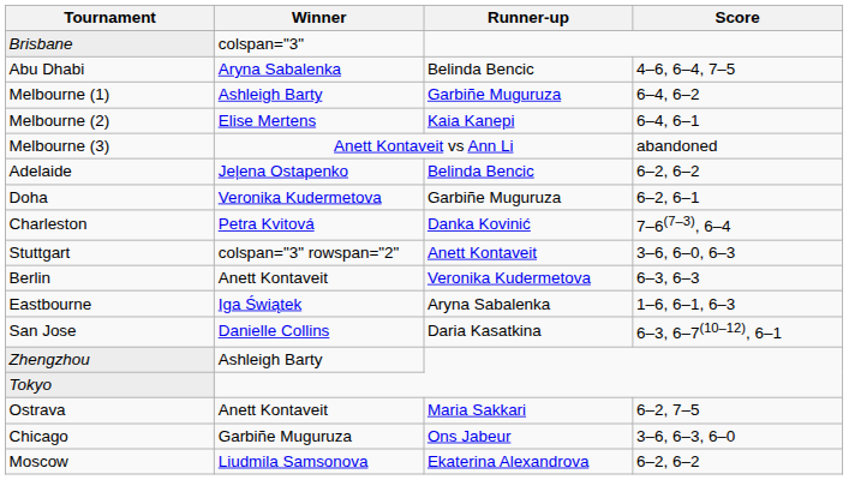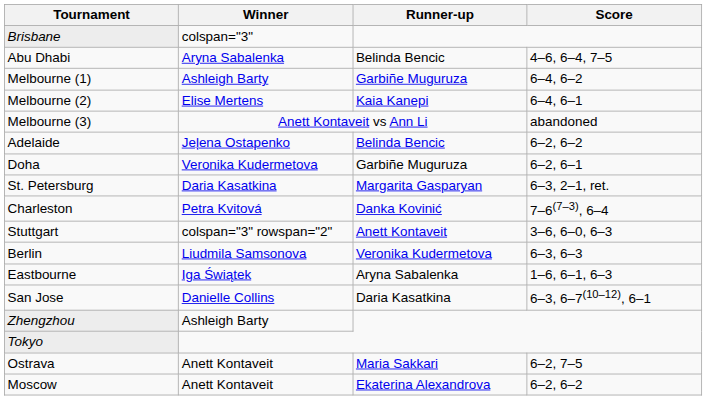 <table class="wikitable nowrap">
 <tr>
 <th width="200">Tournament</th>
 <th width="200">Winner</th>
 <th width="200">Runner-up</th>
 <th width="200">Score</th>
 </tr>
 <tr>
 <td bgcolor=ededed><em>Brisbane</em></td>
 <td>colspan="3" </td>
 </tr>
 <tr>
 <td>Abu Dhabi</td>
 <td> <a href='#'>Aryna Sabalenka</a></td>
 <td> Belinda Bencic</td>
 <td>4–6, 6–4, 7–5</td>
 </tr>
 <tr>
 <td>Melbourne (1)</td>
 <td> <a href='#'>Ashleigh Barty</a></td>
 <td> <a href='#'>Garbiñe Muguruza</a></td>
 <td>6–4, 6–2</td>
 </tr>
 <tr>
 <td>Melbourne (2)</td>
 <td> <a href='#'>Elise Mertens</a></td>
 <td> <a href='#'>Kaia Kanepi</a></td>
 <td>6–4, 6–1</td>
 </tr>
 <tr>
 <td>Melbourne (3)</td>
 <td colspan="2" align="center"> <a href='#'>Anett Kontaveit</a> vs  <a href='#'>Ann Li</a></td>
 <td>abandoned</td>
 </tr>
 <tr>
 <td>Adelaide</td>
 <td> <a href='#'>Jeļena Ostapenko</a></td>
 <td> <a href='#'>Belinda Bencic</a></td>
 <td>6–2, 6–2</td>
 </tr>
 <tr>
 <td>Doha</td>
 <td> <a href='#'>Veronika Kudermetova</a></td>
 <td> Garbiñe Muguruza</td>
 <td>6–2, 6–1</td>
 </tr>
 <tr>
+<td>St. Petersburg</td>
+<td> <a href='#'>Daria Kasatkina</a></td>
+<td> <a href='#'>Margarita Gasparyan</a></td>
+<td>6–3, 2–1, ret.</td>
+</tr>
+<tr>
 <td>Charleston</td>
 <td> <a href='#'>Petra Kvitová</a></td>
 <td> <a href='#'>Danka Kovinić</a></td>
 <td>7–6<sup>(7–3)</sup>, 6–4</td>
 </tr>
 <tr>
 <td>Stuttgart</td>
 <td>colspan="3" rowspan="2" </td>
 <td> <a href='#'>Anett Kontaveit</a></td>
 <td>3–6, 6–0, 6–3</td>
 </tr>
 <tr>
 <td>Berlin</td>
-<td> Anett Kontaveit</td>
+<td> <a href='#'>Liudmila Samsonova</a></td>
 <td> <a href='#'>Veronika Kudermetova</a></td>
 <td>6–3, 6–3</td>
 </tr>
 <tr>
 <td>Eastbourne</td>
 <td> <a href='#'>Iga Świątek</a></td>
 <td> Aryna Sabalenka</td>
 <td>1–6, 6–1, 6–3</td>
 </tr>
 <tr>
 <td>San Jose</td>
 <td> <a href='#'>Danielle Collins</a></td>
 <td> Daria Kasatkina</td>
 <td>6–3, 6–7<sup>(10–12)</sup>, 6–1</td>
 </tr>
 <tr>
 <td bgcolor=ededed><em>Zhengzhou</em></td>
 <td> Ashleigh Barty</td>
 </tr>
 <tr>
 <td bgcolor=ededed><em>Tokyo</em></td>
 </tr>
 <tr>
 <td>Ostrava</td>
 <td> Anett Kontaveit</td>
 <td> <a href='#'>Maria Sakkari</a></td>
 <td>6–2, 7–5</td>
 </tr>
 <tr>
-<td>Chicago</td>
-<td> Garbiñe Muguruza</td>
-<td> <a href='#'>Ons Jabeur</a></td>
-<td>3–6, 6–3, 6–0</td>
-</tr>
-<tr>
 <td>Moscow</td>
-<td> <a href='#'>Liudmila Samsonova</a></td>
+<td> Anett Kontaveit</td>
 <td> <a href='#'>Ekaterina Alexandrova</a></td>
 <td>6–2, 6–2</td>
 </tr>
 </table>
